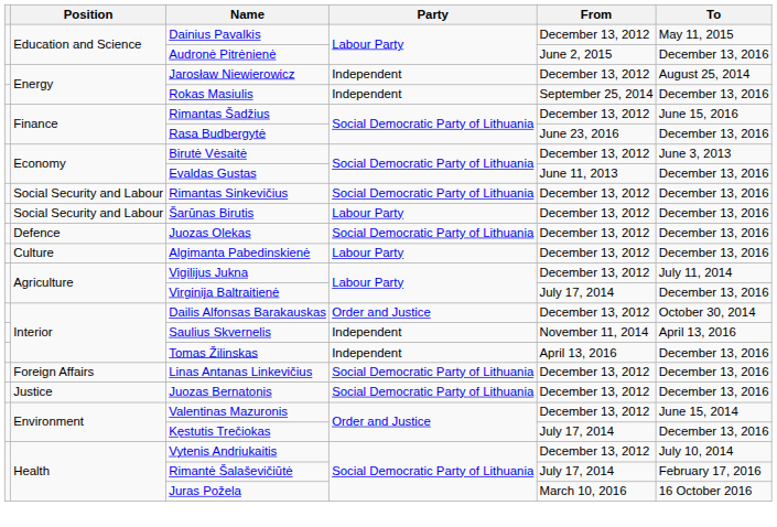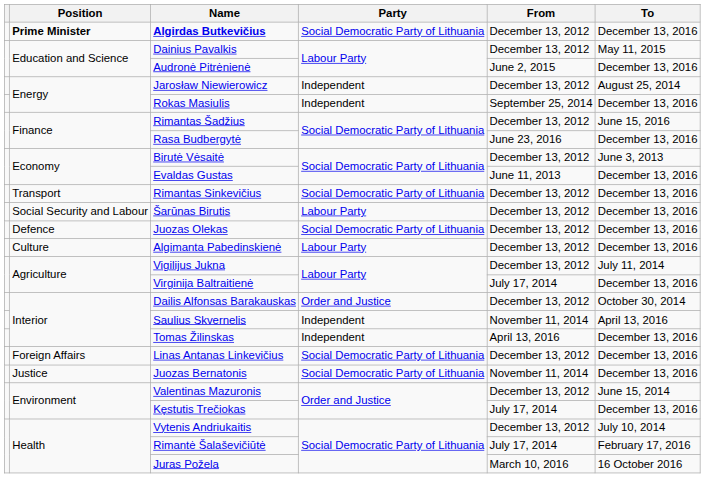 <table class="wikitable">
 <tr>
 <th></th>
 <th>Position</th>
 <th>Name</th>
 <th>Party</th>
 <th>From</th>
 <th>To</th>
+</tr>
+<tr>
+<td style="background-color:"></td>
+<td><strong>Prime Minister</strong></td>
+<td><strong><a href='#'>Algirdas Butkevičius</a></strong></td>
+<td><a href='#'>Social Democratic Party of Lithuania</a></td>
+<td>December 13, 2012</td>
+<td>December 13, 2016</td>
 </tr>
 <tr>
 <td rowspan=2 style="background-color:"></td>
 <td rowspan=2>Education and Science</td>
 <td><a href='#'>Dainius Pavalkis</a></td>
 <td rowspan=2><a href='#'>Labour Party</a></td>
 <td>December 13, 2012</td>
 <td>May 11, 2015</td>
 </tr>
 <tr>
 <td><a href='#'>Audronė Pitrėnienė</a></td>
 <td>June 2, 2015</td>
 <td>December 13, 2016</td>
 </tr>
 <tr>
 <td style="background-color:"></td>
 <td rowspan=2>Energy</td>
 <td><a href='#'>Jarosław Niewierowicz</a></td>
 <td>Independent</td>
 <td>December 13, 2012</td>
 <td>August 25, 2014</td>
 </tr>
 <tr>
 <td style="background-color:"></td>
 <td><a href='#'>Rokas Masiulis</a></td>
 <td>Independent</td>
 <td>September 25, 2014</td>
 <td>December 13, 2016</td>
 </tr>
 <tr>
 <td rowspan=2 style="background-color:"></td>
 <td rowspan=2>Finance</td>
 <td><a href='#'>Rimantas Šadžius</a></td>
 <td rowspan=2><a href='#'>Social Democratic Party of Lithuania</a></td>
 <td>December 13, 2012</td>
 <td>June 15, 2016</td>
 </tr>
 <tr>
 <td><a href='#'>Rasa Budbergytė</a></td>
 <td>June 23, 2016</td>
 <td>December 13, 2016</td>
 </tr>
 <tr>
 <td rowspan=2 style="background-color:"></td>
 <td rowspan=2>Economy</td>
 <td><a href='#'>Birutė Vėsaitė</a></td>
 <td rowspan=2><a href='#'>Social Democratic Party of Lithuania</a></td>
 <td>December 13, 2012</td>
 <td>June 3, 2013 </td>
 </tr>
 <tr>
 <td><a href='#'>Evaldas Gustas</a></td>
 <td>June 11, 2013</td>
 <td>December 13, 2016</td>
 </tr>
 <tr>
 <td style="background-color:"></td>
-<td>Social Security and Labour</td>
+<td>Transport</td>
 <td><a href='#'>Rimantas Sinkevičius</a></td>
 <td><a href='#'>Social Democratic Party of Lithuania</a></td>
 <td>December 13, 2012</td>
 <td>December 13, 2016</td>
 </tr>
 <tr>
 <td style="background-color:"></td>
 <td>Social Security and Labour</td>
 <td><a href='#'>Šarūnas Birutis</a></td>
 <td><a href='#'>Labour Party</a></td>
 <td>December 13, 2012</td>
 <td>December 13, 2016</td>
 </tr>
 <tr>
 <td style="background-color:"></td>
 <td>Defence</td>
 <td><a href='#'>Juozas Olekas</a></td>
 <td><a href='#'>Social Democratic Party of Lithuania</a></td>
 <td>December 13, 2012</td>
 <td>December 13, 2016</td>
 </tr>
 <tr>
 <td style="background-color:"></td>
 <td>Culture</td>
 <td><a href='#'>Algimanta Pabedinskienė</a></td>
 <td><a href='#'>Labour Party</a></td>
 <td>December 13, 2012</td>
 <td>December 13, 2016</td>
 </tr>
 <tr>
 <td rowspan=2 style="background-color:"></td>
 <td rowspan=2>Agriculture</td>
 <td><a href='#'>Vigilijus Jukna</a></td>
 <td rowspan=2><a href='#'>Labour Party</a></td>
 <td>December 13, 2012</td>
 <td>July 11, 2014</td>
 </tr>
 <tr>
 <td><a href='#'>Virginija Baltraitienė</a></td>
 <td>July 17, 2014</td>
 <td>December 13, 2016</td>
 </tr>
 <tr>
 <td style="background-color:"></td>
 <td rowspan=3>Interior</td>
 <td><a href='#'>Dailis Alfonsas Barakauskas</a></td>
 <td><a href='#'>Order and Justice</a></td>
 <td>December 13, 2012</td>
 <td>October 30, 2014</td>
 </tr>
 <tr>
 <td style="background-color:"></td>
 <td><a href='#'>Saulius Skvernelis</a></td>
 <td>Independent</td>
 <td>November 11, 2014</td>
 <td>April 13, 2016</td>
 </tr>
 <tr>
 <td style="background-color:"></td>
 <td><a href='#'>Tomas Žilinskas</a></td>
 <td>Independent</td>
 <td>April 13, 2016</td>
 <td>December 13, 2016</td>
 </tr>
 <tr>
 <td style="background-color:"></td>
 <td>Foreign Affairs</td>
 <td><a href='#'>Linas Antanas Linkevičius</a></td>
 <td><a href='#'>Social Democratic Party of Lithuania</a></td>
 <td>December 13, 2012</td>
 <td>December 13, 2016</td>
 </tr>
 <tr>
 <td style="background-color:"></td>
 <td>Justice</td>
 <td><a href='#'>Juozas Bernatonis</a></td>
 <td><a href='#'>Social Democratic Party of Lithuania</a></td>
-<td>December 13, 2012</td>
+<td>November 11, 2014</td>
 <td>December 13, 2016</td>
 </tr>
 <tr>
 <td rowspan=2 style="background-color:"></td>
 <td rowspan=2>Environment</td>
 <td><a href='#'>Valentinas Mazuronis</a></td>
 <td rowspan=2><a href='#'>Order and Justice</a></td>
 <td>December 13, 2012</td>
 <td>June 15, 2014</td>
 </tr>
 <tr>
 <td><a href='#'>Kęstutis Trečiokas</a></td>
 <td>July 17, 2014</td>
 <td>December 13, 2016</td>
 </tr>
 <tr>
 <td rowspan=3 style="background-color:"></td>
 <td rowspan=3>Health</td>
 <td><a href='#'>Vytenis Andriukaitis</a></td>
 <td rowspan=3><a href='#'>Social Democratic Party of Lithuania</a></td>
 <td>December 13, 2012</td>
 <td>July 10, 2014</td>
 </tr>
 <tr>
 <td><a href='#'>Rimantė Šalaševičiūtė</a></td>
 <td>July 17, 2014</td>
 <td>February 17, 2016</td>
 </tr>
 <tr>
 <td><a href='#'>Juras Požela</a></td>
 <td>March 10, 2016</td>
 <td>16 October 2016</td>
 </tr>
 </table>
